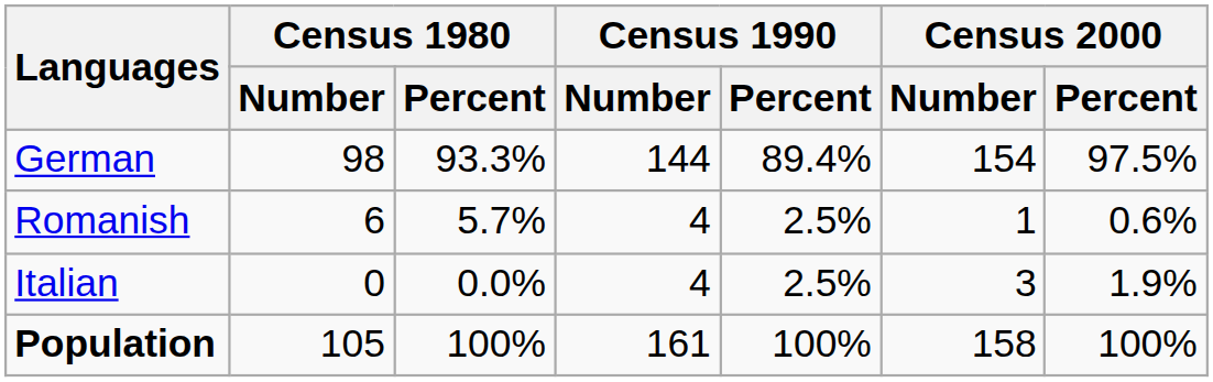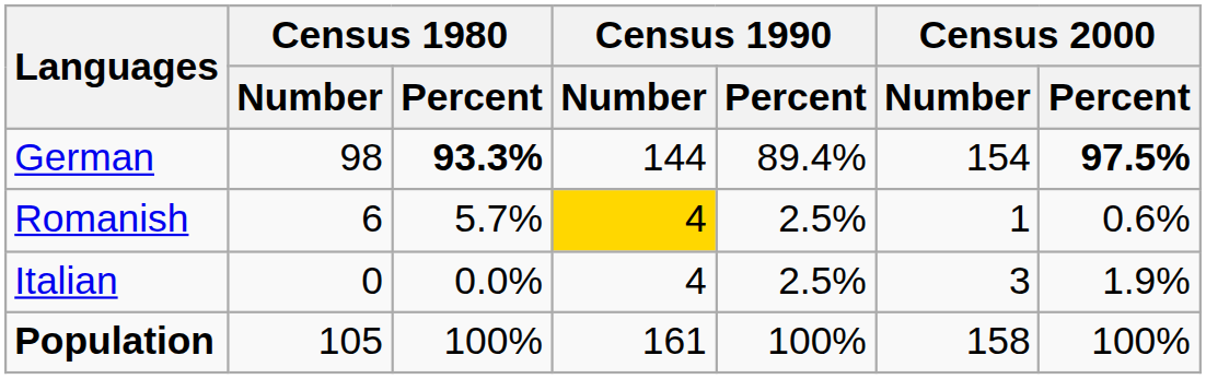 <table class="wikitable">
 <tr ---->
 <th rowspan="2">Languages</th>
 <th colspan="2">Census 1980</th>
 <th colspan="2">Census 1990</th>
 <th colspan="2">Census 2000</th>
 </tr>
 <tr ---->
 <th>Number</th>
 <th>Percent</th>
 <th>Number</th>
 <th>Percent</th>
 <th>Number</th>
 <th>Percent</th>
 </tr>
 <tr ---->
 <td><a href='#'>German</a></td>
 <td align=right>98</td>
-<td align=right>93.3%</td>
+<td align=right><strong>93.3%</strong></td>
 <td align=right>144</td>
 <td align=right>89.4%</td>
 <td align=right>154</td>
-<td align=right>97.5%</td>
+<td align=right><strong>97.5%</strong></td>
 </tr>
 <tr ---->
 <td><a href='#'>Romanish</a></td>
 <td align=right>6</td>
 <td align=right>5.7%</td>
-<td align=right>4</td>
+<td align=right style="background: gold;">4</td>
 <td align=right>2.5%</td>
 <td align=right>1</td>
 <td align=right>0.6%</td>
 </tr>
 <tr ---->
 <td><a href='#'>Italian</a></td>
 <td align=right>0</td>
 <td align=right>0.0%</td>
 <td align=right>4</td>
 <td align=right>2.5%</td>
 <td align=right>3</td>
 <td align=right>1.9%</td>
 </tr>
 <tr ---->
 <td><strong>Population</strong></td>
 <td align=right>105</td>
 <td align=right>100%</td>
 <td align=right>161</td>
 <td align=right>100%</td>
 <td align=right>158</td>
 <td align=right>100%</td>
 </tr>
 </table>
